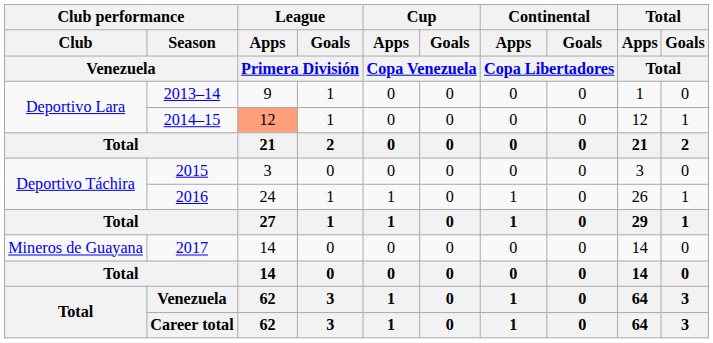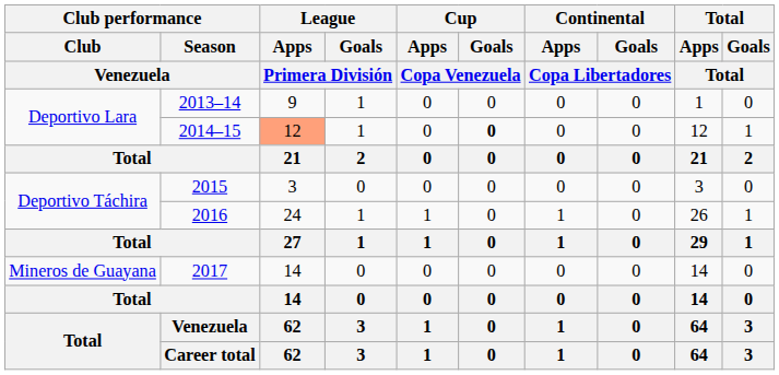 <table class="wikitable" style="text-align:center">
 <tr>
 <th colspan=3>Club performance</th>
 <th colspan=2>League</th>
 <th colspan=2>Cup</th>
 <th colspan=2>Continental</th>
 <th colspan=2>Total</th>
 </tr>
 <tr>
 <th>Club</th>
 <th colspan="2">Season</th>
 <th>Apps</th>
 <th>Goals</th>
 <th>Apps</th>
 <th>Goals</th>
 <th>Apps</th>
 <th>Goals</th>
 <th>Apps</th>
 <th>Goals</th>
 </tr>
 <tr>
 <th colspan=3>Venezuela</th>
 <th colspan=2><a href='#'>Primera División</a></th>
 <th colspan=2><a href='#'>Copa Venezuela</a></th>
 <th colspan=2><a href='#'>Copa Libertadores</a></th>
 <th colspan=2>Total</th>
 </tr>
 <tr>
 <td rowspan="2"><a href='#'>Deportivo Lara</a></td>
 <td colspan="2"><a href='#'>2013–14</a></td>
 <td>9</td>
 <td>1</td>
 <td>0</td>
 <td>0</td>
 <td>0</td>
 <td>0</td>
 <td>1</td>
 <td>0</td>
 </tr>
 <tr>
 <td colspan="2"><a href='#'>2014–15</a></td>
 <td style="background: lightsalmon;">12</td>
 <td>1</td>
 <td>0</td>
-<td>0</td>
+<td><strong>0</strong></td>
 <td>0</td>
 <td>0</td>
 <td>12</td>
 <td>1</td>
 </tr>
 <tr>
 <th colspan="3">Total</th>
 <th>21</th>
 <th>2</th>
 <th>0</th>
 <th>0</th>
 <th>0</th>
 <th>0</th>
 <th>21</th>
 <th>2</th>
 </tr>
 <tr>
 <td rowspan="2"><a href='#'>Deportivo Táchira</a></td>
 <td colspan="2"><a href='#'>2015</a></td>
 <td>3</td>
 <td>0</td>
 <td>0</td>
 <td>0</td>
 <td>0</td>
 <td>0</td>
 <td>3</td>
 <td>0</td>
 </tr>
 <tr>
 <td colspan="2"><a href='#'>2016</a></td>
 <td>24</td>
 <td>1</td>
 <td>1</td>
 <td>0</td>
 <td>1</td>
 <td>0</td>
 <td>26</td>
 <td>1</td>
 </tr>
 <tr>
 <th colspan="3">Total</th>
 <th>27</th>
 <th>1</th>
 <th>1</th>
 <th>0</th>
 <th>1</th>
 <th>0</th>
 <th>29</th>
 <th>1</th>
 </tr>
 <tr>
 <td><a href='#'>Mineros de Guayana</a></td>
 <td colspan="2"><a href='#'>2017</a></td>
 <td>14</td>
 <td>0</td>
 <td>0</td>
 <td>0</td>
 <td>0</td>
 <td>0</td>
 <td>14</td>
 <td>0</td>
 </tr>
 <tr>
 <th colspan="3">Total</th>
 <th>14</th>
 <th>0</th>
 <th>0</th>
 <th>0</th>
 <th>0</th>
 <th>0</th>
 <th>14</th>
 <th>0</th>
 </tr>
 <tr>
 <th rowspan=2>Total</th>
 <th colspan=2>Venezuela</th>
 <th>62</th>
 <th>3</th>
 <th>1</th>
 <th>0</th>
 <th>1</th>
 <th>0</th>
 <th>64</th>
 <th>3</th>
 </tr>
 <tr>
 <th colspan=2>Career total</th>
 <th>62</th>
 <th>3</th>
 <th>1</th>
 <th>0</th>
 <th>1</th>
 <th>0</th>
 <th>64</th>
 <th>3</th>
 </tr>
 </table>
